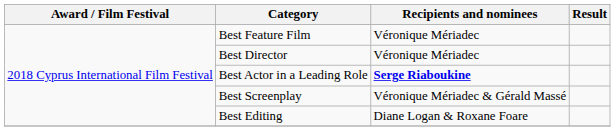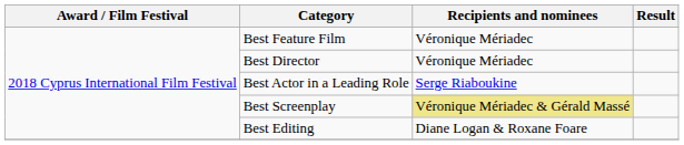 <table class="wikitable plainrowheaders sortable">
 <tr style="background:#ccc; text-align:center;">
 <th scope="col">Award / Film Festival</th>
 <th scope="col">Category</th>
 <th scope="col">Recipients and nominees</th>
 <th scope="col">Result</th>
 </tr>
 <tr>
 <td rowspan=5><a href='#'>2018 Cyprus International Film Festival</a></td>
 <td>Best Feature Film</td>
 <td>Véronique Mériadec</td>
 <td></td>
 </tr>
 <tr>
 <td>Best Director</td>
 <td>Véronique Mériadec</td>
 <td></td>
 </tr>
 <tr>
 <td>Best Actor in a Leading Role</td>
-<td><strong><a href='#'>Serge Riaboukine</a></strong></td>
+<td><a href='#'>Serge Riaboukine</a></td>
 <td></td>
 </tr>
 <tr>
 <td>Best Screenplay</td>
-<td>Véronique Mériadec & Gérald Massé</td>
+<td style="background: khaki;">Véronique Mériadec & Gérald Massé</td>
 <td></td>
 </tr>
 <tr>
 <td>Best Editing</td>
 <td>Diane Logan & Roxane Foare</td>
 <td></td>
 </tr>
 <tr>
 </tr>
 </table>
